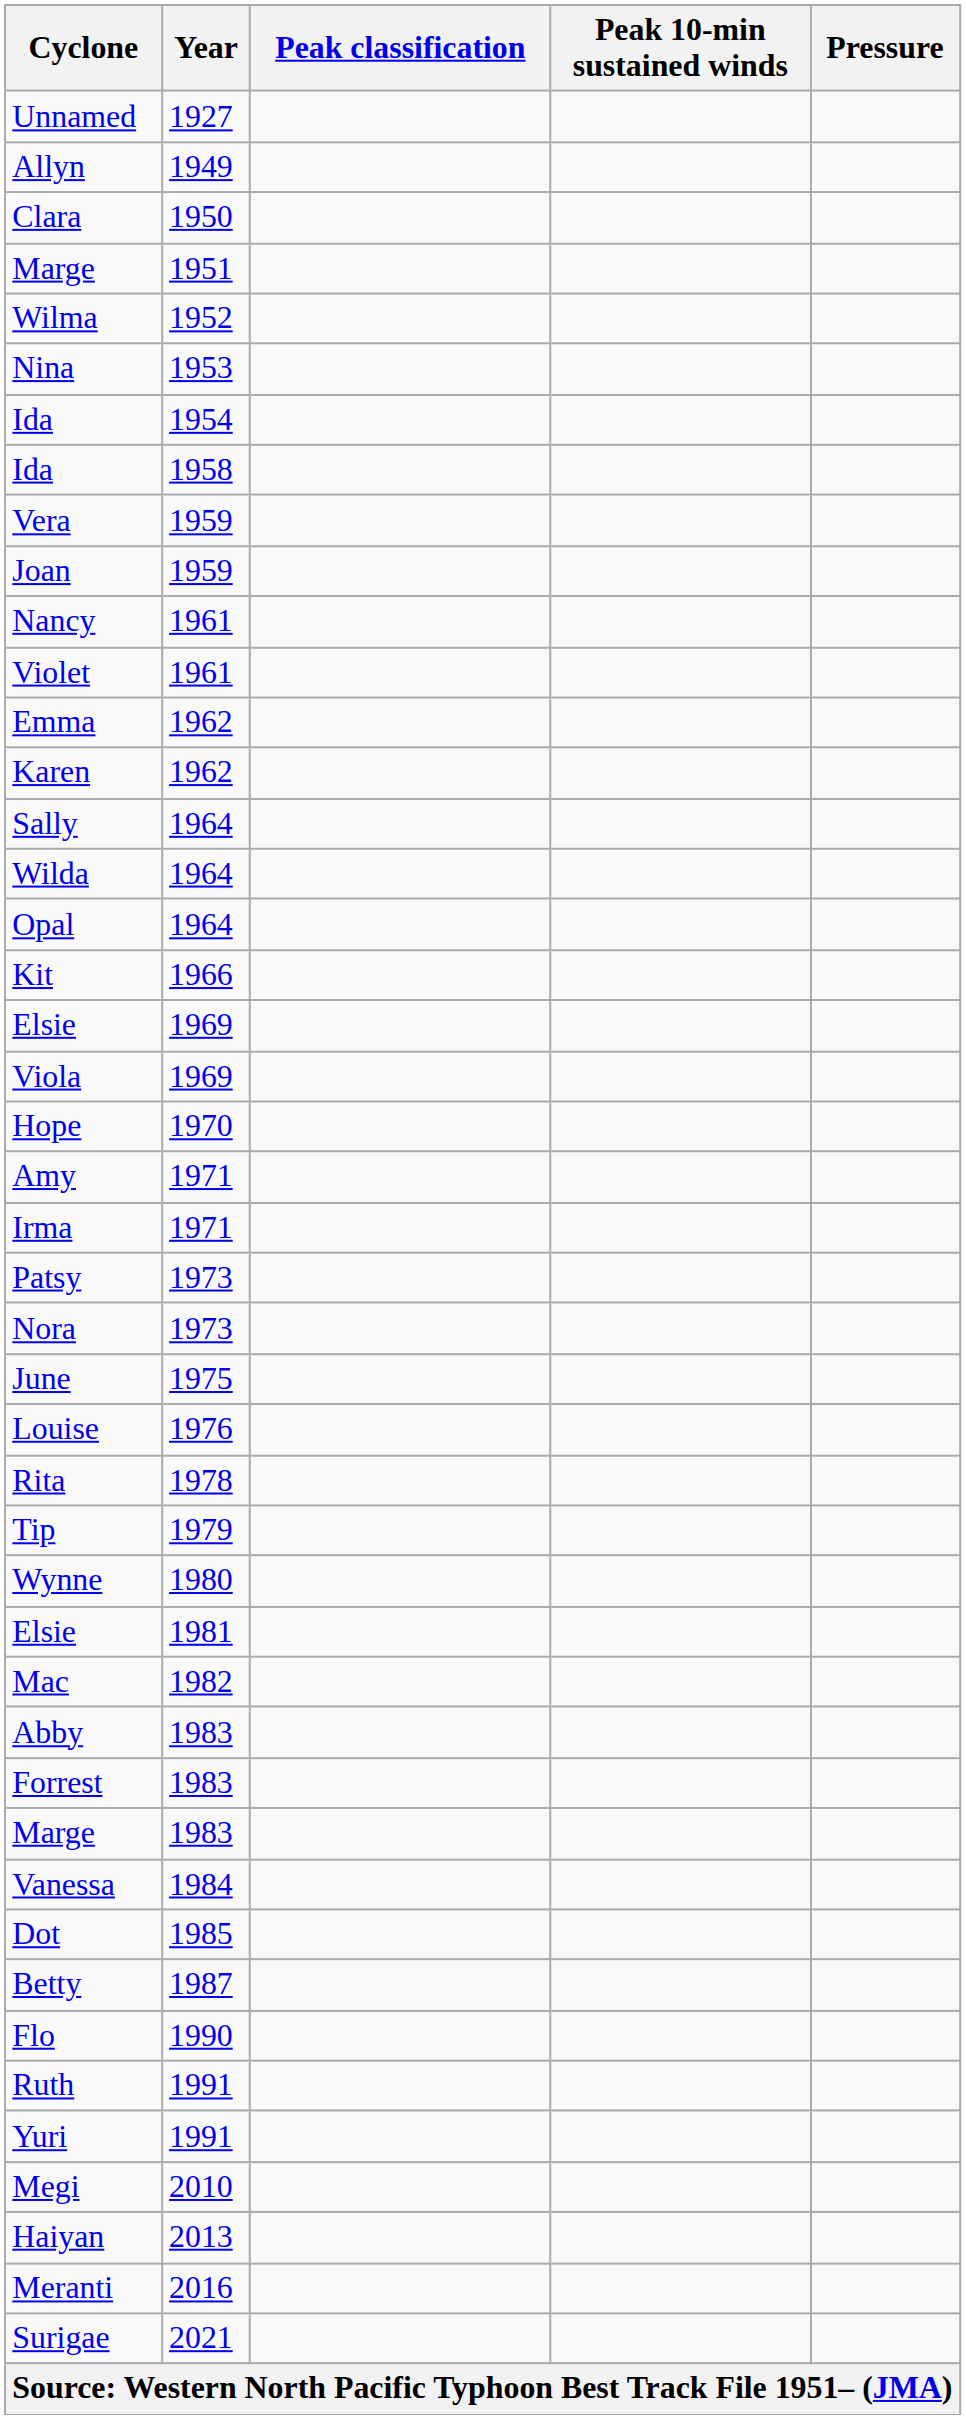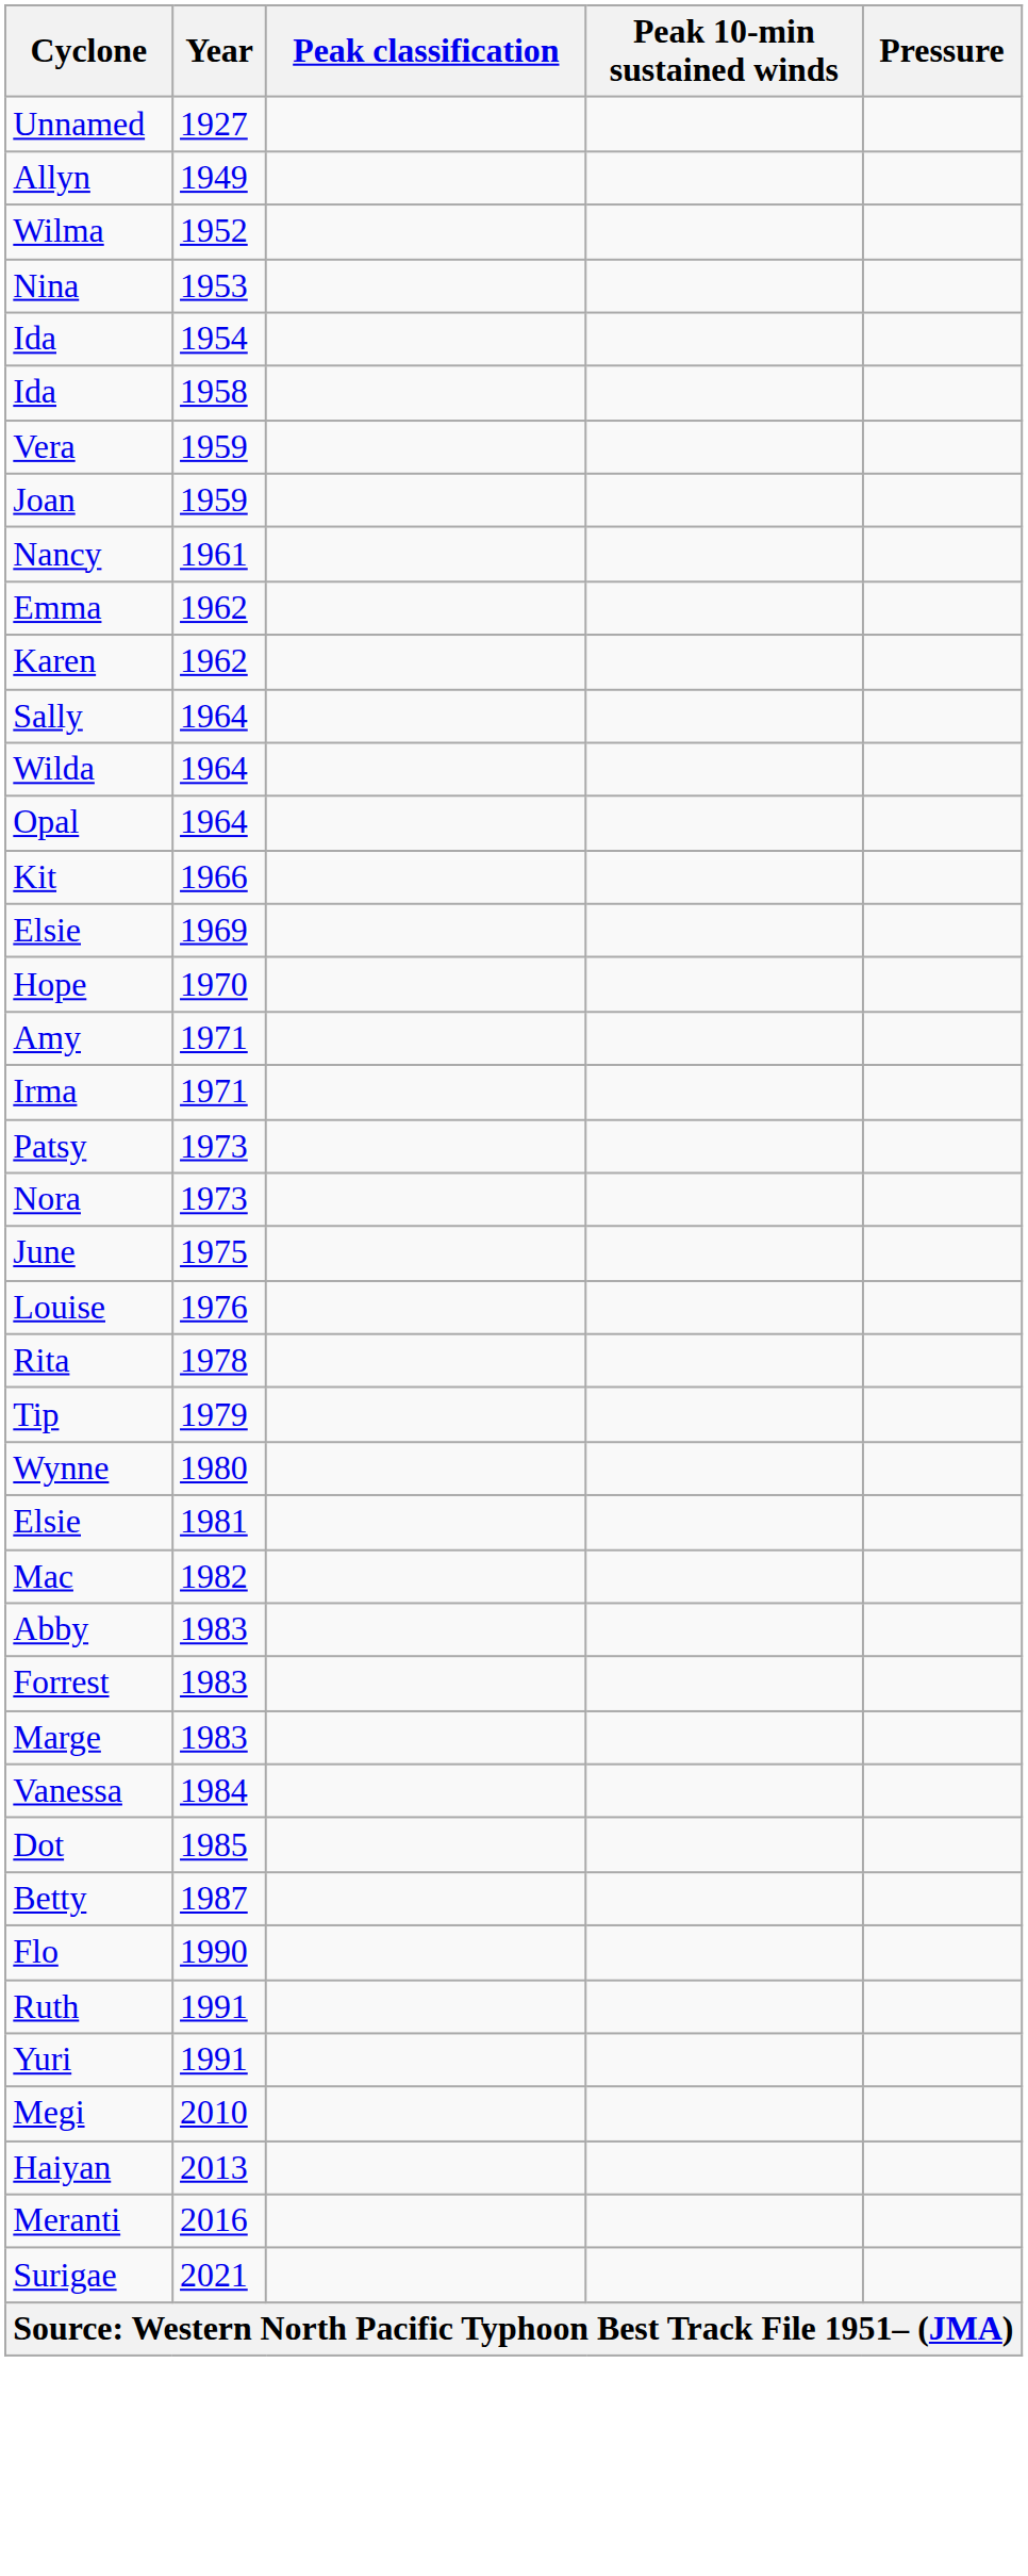 <table class="wikitable sortable">
 <tr>
 <th>Cyclone</th>
 <th>Year</th>
 <th><a href='#'>Peak classification</a></th>
 <th>Peak 10-min<br>sustained winds</th>
 <th>Pressure</th>
 </tr>
 <tr>
 <td><a href='#'>Unnamed</a></td>
 <td><a href='#'>1927</a></td>
 <td></td>
 <td></td>
 <td></td>
 </tr>
 <tr>
 <td><a href='#'>Allyn</a></td>
 <td><a href='#'>1949</a></td>
-<td></td>
-<td></td>
-<td></td>
-</tr>
-<tr>
-<td><a href='#'>Clara</a></td>
-<td><a href='#'>1950</a></td>
-<td></td>
-<td></td>
-<td></td>
-</tr>
-<tr>
-<td><a href='#'>Marge</a></td>
-<td><a href='#'>1951</a></td>
 <td></td>
 <td></td>
 <td></td>
 </tr>
 <tr>
 <td><a href='#'>Wilma</a></td>
 <td><a href='#'>1952</a></td>
 <td></td>
 <td></td>
 <td></td>
 </tr>
 <tr>
 <td><a href='#'>Nina</a></td>
 <td><a href='#'>1953</a></td>
 <td></td>
 <td></td>
 <td></td>
 </tr>
 <tr>
 <td><a href='#'>Ida</a></td>
 <td><a href='#'>1954</a></td>
 <td></td>
 <td></td>
 <td></td>
 </tr>
 <tr>
 <td><a href='#'>Ida</a></td>
 <td><a href='#'>1958</a></td>
 <td></td>
 <td></td>
 <td></td>
 </tr>
 <tr>
 <td><a href='#'>Vera</a></td>
 <td><a href='#'>1959</a></td>
 <td></td>
 <td></td>
 <td></td>
 </tr>
 <tr>
 <td><a href='#'>Joan</a></td>
 <td><a href='#'>1959</a></td>
 <td></td>
 <td></td>
 <td></td>
 </tr>
 <tr>
 <td><a href='#'>Nancy</a></td>
 <td><a href='#'>1961</a></td>
 <td></td>
 <td></td>
 <td></td>
 </tr>
 <tr>
-<td><a href='#'>Violet</a></td>
-<td><a href='#'>1961</a></td>
-<td></td>
-<td></td>
-<td></td>
-</tr>
-<tr>
 <td><a href='#'>Emma</a></td>
 <td><a href='#'>1962</a></td>
 <td></td>
 <td></td>
 <td></td>
 </tr>
 <tr>
 <td><a href='#'>Karen</a></td>
 <td><a href='#'>1962</a></td>
 <td></td>
 <td></td>
 <td></td>
 </tr>
 <tr>
 <td><a href='#'>Sally</a></td>
 <td><a href='#'>1964</a></td>
 <td></td>
 <td></td>
 <td></td>
 </tr>
 <tr>
 <td><a href='#'>Wilda</a></td>
 <td><a href='#'>1964</a></td>
 <td></td>
 <td></td>
 <td></td>
 </tr>
 <tr>
 <td><a href='#'>Opal</a></td>
 <td><a href='#'>1964</a></td>
 <td></td>
 <td></td>
 <td></td>
 </tr>
 <tr>
 <td><a href='#'>Kit</a></td>
 <td><a href='#'>1966</a></td>
 <td></td>
 <td></td>
 <td></td>
 </tr>
 <tr>
 <td><a href='#'>Elsie</a></td>
-<td><a href='#'>1969</a></td>
-<td></td>
-<td></td>
-<td></td>
-</tr>
-<tr>
-<td><a href='#'>Viola</a></td>
 <td><a href='#'>1969</a></td>
 <td></td>
 <td></td>
 <td></td>
 </tr>
 <tr>
 <td><a href='#'>Hope</a></td>
 <td><a href='#'>1970</a></td>
 <td></td>
 <td></td>
 <td></td>
 </tr>
 <tr>
 <td><a href='#'>Amy</a></td>
 <td><a href='#'>1971</a></td>
 <td></td>
 <td></td>
 <td></td>
 </tr>
 <tr>
 <td><a href='#'>Irma</a></td>
 <td><a href='#'>1971</a></td>
 <td></td>
 <td></td>
 <td></td>
 </tr>
 <tr>
 <td><a href='#'>Patsy</a></td>
 <td><a href='#'>1973</a></td>
 <td></td>
 <td></td>
 <td></td>
 </tr>
 <tr>
 <td><a href='#'>Nora</a></td>
 <td><a href='#'>1973</a></td>
 <td></td>
 <td></td>
 <td></td>
 </tr>
 <tr>
 <td><a href='#'>June</a></td>
 <td><a href='#'>1975</a></td>
 <td></td>
 <td></td>
 <td></td>
 </tr>
 <tr>
 <td><a href='#'>Louise</a></td>
 <td><a href='#'>1976</a></td>
 <td></td>
 <td></td>
 <td></td>
 </tr>
 <tr>
 <td><a href='#'>Rita</a></td>
 <td><a href='#'>1978</a></td>
 <td></td>
 <td></td>
 <td></td>
 </tr>
 <tr>
 <td><a href='#'>Tip</a></td>
 <td><a href='#'>1979</a></td>
 <td></td>
 <td></td>
 <td></td>
 </tr>
 <tr>
 <td><a href='#'>Wynne</a></td>
 <td><a href='#'>1980</a></td>
 <td></td>
 <td></td>
 <td></td>
 </tr>
 <tr>
 <td><a href='#'>Elsie</a></td>
 <td><a href='#'>1981</a></td>
 <td></td>
 <td></td>
 <td></td>
 </tr>
 <tr>
 <td><a href='#'>Mac</a></td>
 <td><a href='#'>1982</a></td>
 <td></td>
 <td></td>
 <td></td>
 </tr>
 <tr>
 <td><a href='#'>Abby</a></td>
 <td><a href='#'>1983</a></td>
 <td></td>
 <td></td>
 <td></td>
 </tr>
 <tr>
 <td><a href='#'>Forrest</a></td>
 <td><a href='#'>1983</a></td>
 <td></td>
 <td></td>
 <td></td>
 </tr>
 <tr>
 <td><a href='#'>Marge</a></td>
 <td><a href='#'>1983</a></td>
 <td></td>
 <td></td>
 <td></td>
 </tr>
 <tr>
 <td><a href='#'>Vanessa</a></td>
 <td><a href='#'>1984</a></td>
 <td></td>
 <td></td>
 <td></td>
 </tr>
 <tr>
 <td><a href='#'>Dot</a></td>
 <td><a href='#'>1985</a></td>
 <td></td>
 <td></td>
 <td></td>
 </tr>
 <tr>
 <td><a href='#'>Betty</a></td>
 <td><a href='#'>1987</a></td>
 <td></td>
 <td></td>
 <td></td>
 </tr>
 <tr>
 <td><a href='#'>Flo</a></td>
 <td><a href='#'>1990</a></td>
 <td></td>
 <td></td>
 <td></td>
 </tr>
 <tr>
 <td><a href='#'>Ruth</a></td>
 <td><a href='#'>1991</a></td>
 <td></td>
 <td></td>
 <td></td>
 </tr>
 <tr>
 <td><a href='#'>Yuri</a></td>
 <td><a href='#'>1991</a></td>
 <td></td>
 <td></td>
 <td></td>
 </tr>
 <tr>
 <td><a href='#'>Megi</a></td>
 <td><a href='#'>2010</a></td>
 <td></td>
 <td></td>
 <td></td>
 </tr>
 <tr>
 <td><a href='#'>Haiyan</a></td>
 <td><a href='#'>2013</a></td>
 <td></td>
 <td></td>
 <td></td>
 </tr>
 <tr>
 <td><a href='#'>Meranti</a></td>
 <td><a href='#'>2016</a></td>
 <td></td>
 <td></td>
 <td></td>
 </tr>
 <tr>
 <td><a href='#'>Surigae</a></td>
 <td><a href='#'>2021</a></td>
 <td></td>
 <td></td>
 <td></td>
 </tr>
 <tr>
 <th colspan="5">Source: Western North Pacific Typhoon Best Track File 1951– (<a href='#'>JMA</a>) </th>
 </tr>
 </table>
